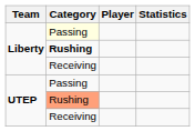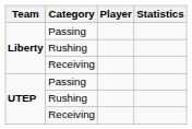 <table class="wikitable" style="float: right;">
 <tr>
 <th>Team</th>
 <th>Category</th>
 <th>Player</th>
 <th>Statistics</th>
 </tr>
 <tr>
 <td rowspan=3><strong>Liberty</strong></td>
-<td style="background: lightyellow;">Passing</td>
+<td>Passing</td>
 <td></td>
 <td></td>
 </tr>
 <tr>
-<td><strong>Rushing</strong></td>
+<td>Rushing</td>
 <td></td>
 <td></td>
 </tr>
 <tr>
 <td>Receiving</td>
 <td></td>
 <td></td>
 </tr>
 <tr>
 <td rowspan=3><strong>UTEP</strong></td>
 <td>Passing</td>
 <td></td>
 <td></td>
 </tr>
 <tr>
-<td style="background: lightsalmon;">Rushing</td>
+<td>Rushing</td>
 <td></td>
 <td></td>
 </tr>
 <tr>
 <td>Receiving</td>
 <td></td>
 <td></td>
 </tr>
 </table>
